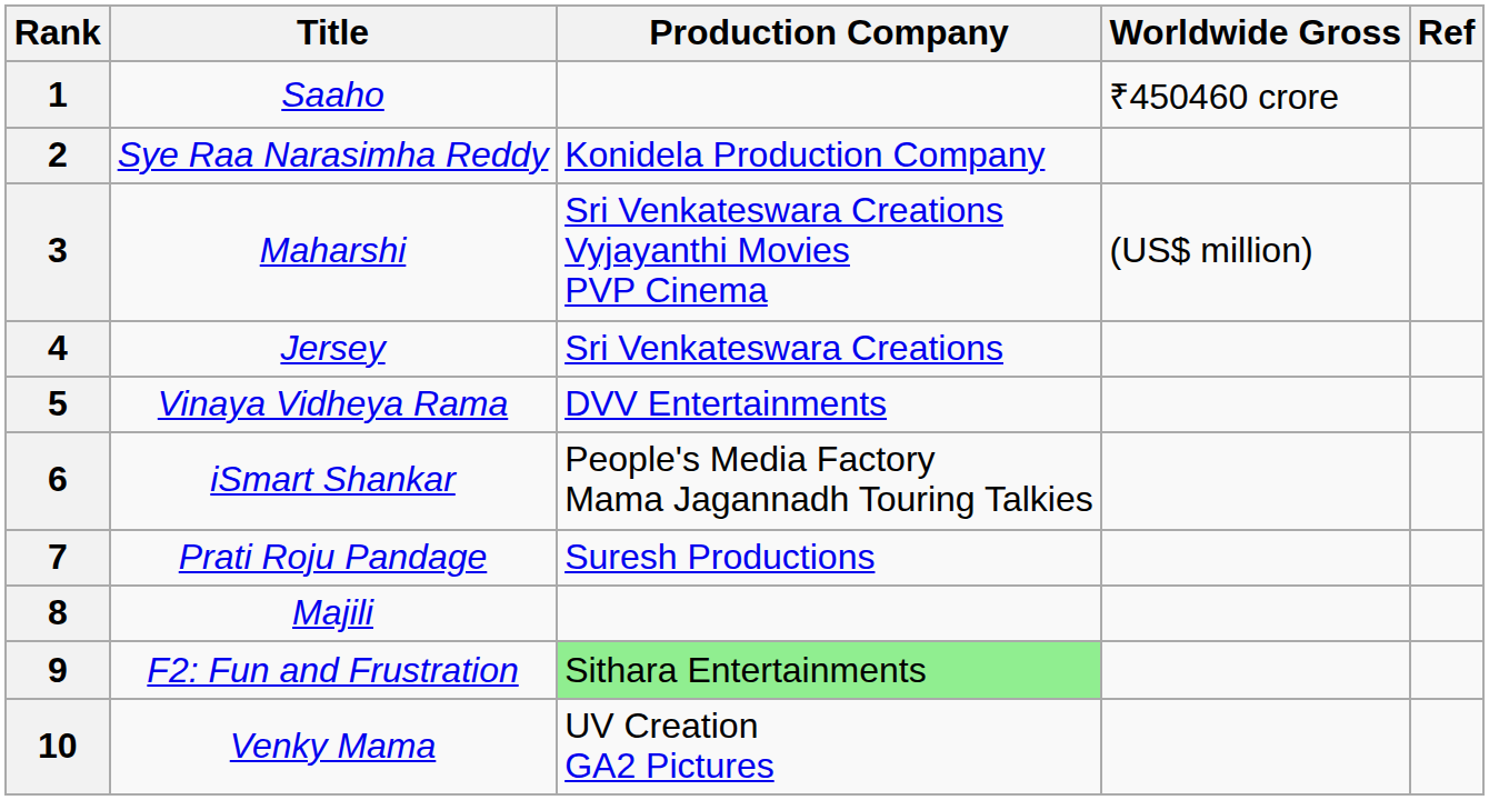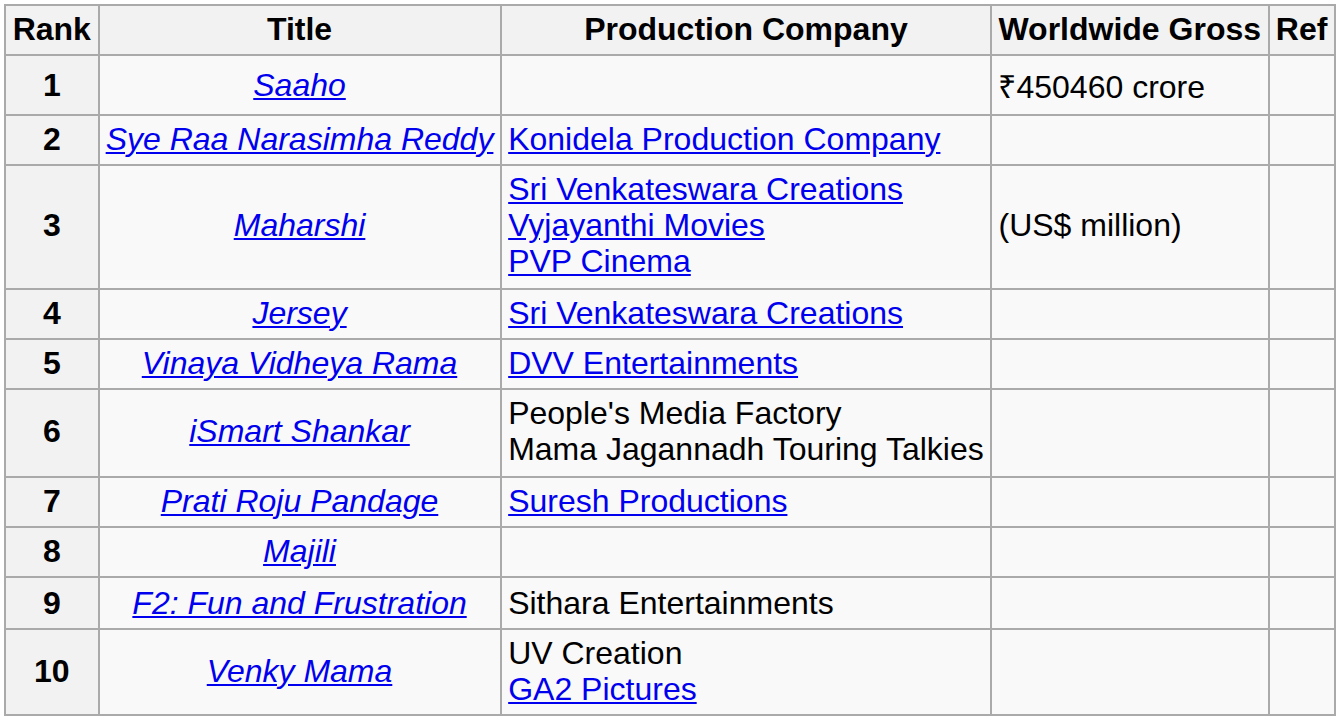 <table class="wikitable sortable" style="margin:auto; margin:auto;">
 <tr>
 <th>Rank</th>
 <th>Title</th>
 <th>Production Company</th>
 <th>Worldwide Gross</th>
 <th>Ref</th>
 </tr>
 <tr>
 <th style="text-align:center;">1</th>
 <td style="text-align:center;"><em><a href='#'>Saaho</a></em></td>
 <td></td>
 <td>₹450460 crore</td>
 <td></td>
 </tr>
 <tr>
 <th style="text-align:center;">2</th>
 <td style="text-align:center;"><em><a href='#'>Sye Raa Narasimha Reddy</a></em></td>
 <td><a href='#'>Konidela Production Company</a></td>
 <td></td>
 <td></td>
 </tr>
 <tr>
 <th style="text-align:center;">3</th>
 <td style="text-align:center;"><em><a href='#'>Maharshi</a></em></td>
 <td><a href='#'>Sri Venkateswara Creations</a><br><a href='#'>Vyjayanthi Movies</a><br><a href='#'>PVP Cinema</a></td>
 <td> (US$ million)</td>
 <td></td>
 </tr>
 <tr>
 <th style="text-align:center;">4</th>
 <td style="text-align:center;"><em><a href='#'>Jersey</a></em></td>
 <td><a href='#'>Sri Venkateswara Creations</a></td>
 <td></td>
 <td></td>
 </tr>
 <tr>
 <th style="text-align:center;">5</th>
 <td style="text-align:center;"><em><a href='#'>Vinaya Vidheya Rama</a></em></td>
 <td><a href='#'>DVV Entertainments</a></td>
 <td></td>
 <td></td>
 </tr>
 <tr>
 <th style="text-align:center;">6</th>
 <td style="text-align:center;"><em><a href='#'>iSmart Shankar</a></em></td>
 <td>People's Media Factory<br>Mama Jagannadh Touring Talkies</td>
 <td></td>
 <td></td>
 </tr>
 <tr>
 <th style="text-align:center;">7</th>
 <td style="text-align:center;"><em><a href='#'>Prati Roju Pandage</a></em></td>
 <td><a href='#'>Suresh Productions</a></td>
 <td></td>
 <td></td>
 </tr>
 <tr>
 <th style="text-align:center;">8</th>
 <td style="text-align:center;"><em><a href='#'>Majili</a></em></td>
 <td></td>
 <td></td>
 <td></td>
 </tr>
 <tr>
 <th style="text-align:center;">9</th>
 <td style="text-align:center;"><em><a href='#'>F2: Fun and Frustration</a></em></td>
-<td style="background: lightgreen;">Sithara Entertainments</td>
+<td>Sithara Entertainments</td>
 <td></td>
 <td></td>
 </tr>
 <tr>
 <th style="text-align:center;">10</th>
 <td style="text-align:center;"><em><a href='#'>Venky Mama</a></em></td>
 <td>UV Creation<br><a href='#'>GA2 Pictures</a></td>
 <td></td>
 <td></td>
 </tr>
 <tr>
 </tr>
 </table>
